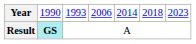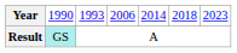 <table class="wikitable" style="text-align:center; font-size:90%; background:white">
 <tr>
 <th>Year</th>
 <td><a href='#'>1990</a></td>
 <td><a href='#'>1993</a></td>
 <td><a href='#'>2006</a></td>
 <td><a href='#'>2014</a></td>
 <td><a href='#'>2018</a></td>
 <td><a href='#'>2023</a></td>
 </tr>
 <tr>
 <th>Result</th>
-<td bgcolor="afeeee"><strong>GS</strong></td>
+<td bgcolor="afeeee">GS</td>
 <td colspan="5">A</td>
 </tr>
 </table>
